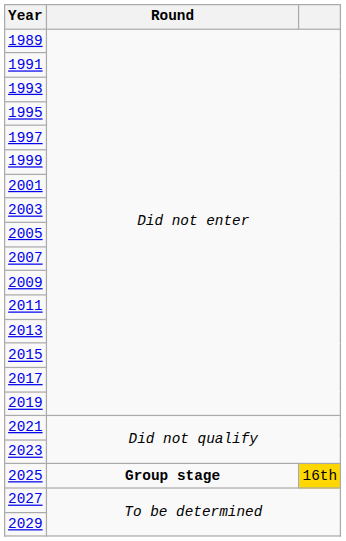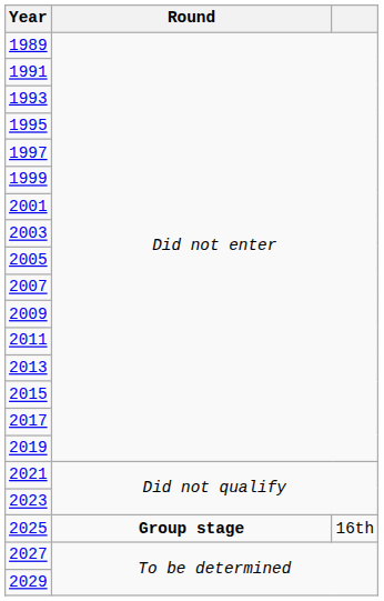 <table class="wikitable" style="text-align: center; font-size:90%">
 <tr>
 <th>Year</th>
 <th style="width:200px">Round</th>
 <th></th>
 </tr>
 <tr>
 <td><a href='#'>1989</a></td>
 <td colspan="16" rowspan="16"><em>Did not enter</em></td>
 </tr>
 <tr>
 <td><a href='#'>1991</a></td>
 </tr>
 <tr>
 <td><a href='#'>1993</a></td>
 </tr>
 <tr>
 <td><a href='#'>1995</a></td>
 </tr>
 <tr>
 <td><a href='#'>1997</a></td>
 </tr>
 <tr>
 <td><a href='#'>1999</a></td>
 </tr>
 <tr>
 <td><a href='#'>2001</a></td>
 </tr>
 <tr>
 <td><a href='#'>2003</a></td>
 </tr>
 <tr>
 <td><a href='#'>2005</a></td>
 </tr>
 <tr>
 <td><a href='#'>2007</a></td>
 </tr>
 <tr>
 <td><a href='#'>2009</a></td>
 </tr>
 <tr>
 <td><a href='#'>2011</a></td>
 </tr>
 <tr>
 <td><a href='#'>2013</a></td>
 </tr>
 <tr>
 <td><a href='#'>2015</a></td>
 </tr>
 <tr>
 <td><a href='#'>2017</a></td>
 </tr>
 <tr>
 <td><a href='#'>2019</a></td>
 </tr>
 <tr>
 <td><a href='#'>2021</a></td>
 <td colspan="2" rowspan="2"><em>Did not qualify</em></td>
 </tr>
 <tr>
 <td><a href='#'>2023</a></td>
 </tr>
 <tr>
 <td><a href='#'>2025</a></td>
 <td><strong>Group stage</strong></td>
-<td style="background: gold;">16th</td>
+<td>16th</td>
 </tr>
 <tr>
 <td><a href='#'>2027</a></td>
 <td colspan="2" rowspan="2"><em>To be determined</em></td>
 </tr>
 <tr>
 <td><a href='#'>2029</a></td>
 </tr>
 </table>
